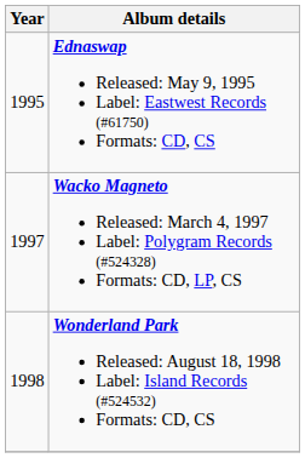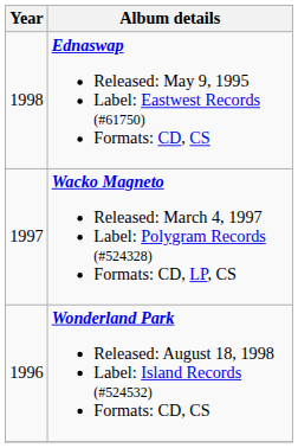 <table class="wikitable">
 <tr>
 <th width="33">Year</th>
 <th width="225">Album details</th>
 </tr>
 <tr>
-<td align="center">1995</td>
+<td align="center">1998</td>
 <td><strong><em><a href='#'>Ednaswap</a></em></strong><br><ul><li>Released: May 9, 1995</li><li>Label: <a href='#'>Eastwest Records</a> <small>(#61750)</small></li><li>Formats: <a href='#'>CD</a>, <a href='#'>CS</a></li></ul></td>
 </tr>
 <tr>
 <td align="center">1997</td>
 <td><strong><em><a href='#'>Wacko Magneto</a></em></strong><br><ul><li>Released: March 4, 1997</li><li>Label: <a href='#'>Polygram Records</a> <small>(#524328)</small></li><li>Formats: CD, <a href='#'>LP</a>, CS</li></ul></td>
 </tr>
 <tr>
-<td align="center">1998</td>
+<td align="center">1996</td>
 <td><strong><em><a href='#'>Wonderland Park</a></em></strong><br><ul><li>Released: August 18, 1998</li><li>Label: <a href='#'>Island Records</a> <small>(#524532)</small></li><li>Formats: CD, CS</li></ul></td>
 </tr>
 <tr>
 </tr>
 </table>
